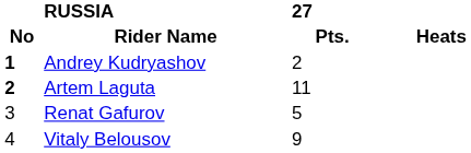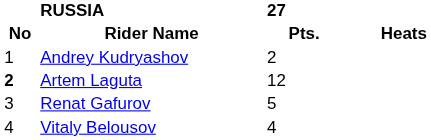 <table class="toccolours">
 <tr>
 <td></td>
 <td><strong>RUSSIA</strong></td>
 <td><strong>27</strong></td>
 </tr>
 <tr style="background-color:">
 <th width=30px>No</th>
 <th width=210px>Rider Name</th>
 <th width=70px>Pts.</th>
 <th width=110px>Heats</th>
 </tr>
 <tr style="background-color:">
-<td><strong>1</strong></td>
+<td>1</td>
 <td><a href='#'>Andrey Kudryashov</a></td>
 <td>2</td>
 <td></td>
 </tr>
 <tr style="background-color:">
 <td><strong>2</strong></td>
 <td><a href='#'>Artem Laguta</a></td>
-<td>11</td>
+<td>12</td>
 <td></td>
 </tr>
 <tr style="background-color:">
 <td>3</td>
 <td><a href='#'>Renat Gafurov</a></td>
 <td>5</td>
 <td></td>
 </tr>
 <tr style="background-color:">
 <td>4</td>
 <td><a href='#'>Vitaly Belousov</a></td>
-<td>9</td>
+<td>4</td>
 <td></td>
 </tr>
 </table>
